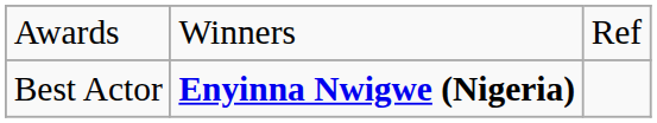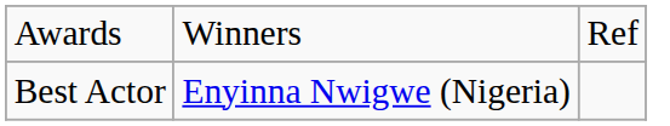 <table class="wikitable">
 <tr>
 <td>Awards</td>
 <td>Winners</td>
 <td>Ref</td>
 </tr>
 <tr>
 <td>Best Actor</td>
-<td><strong><a href='#'>Enyinna Nwigwe</a> (Nigeria)</strong></td>
+<td><a href='#'>Enyinna Nwigwe</a> (Nigeria)</td>
 <td></td>
 </tr>
 </table>
